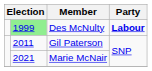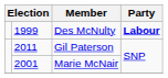 <table class="wikitable">
 <tr>
 <th colspan="2">Election</th>
 <th>Member</th>
 <th>Party</th>
 </tr>
 <tr>
 <td style="background-color: "></td>
-<td style="background: lightgreen;"><a href='#'>1999</a></td>
+<td><a href='#'>1999</a></td>
 <td><a href='#'>Des McNulty</a></td>
 <td><strong><a href='#'>Labour</a></strong></td>
 </tr>
 <tr>
 <td rowspan=2 style="background-color: "></td>
 <td><a href='#'>2011</a></td>
 <td><a href='#'>Gil Paterson</a></td>
 <td rowspan=2><a href='#'>SNP</a></td>
 </tr>
 <tr>
-<td><a href='#'>2021</a></td>
+<td><a href='#'>2001</a></td>
 <td><a href='#'>Marie McNair</a></td>
 </tr>
 <tr>
 </tr>
 </table>
